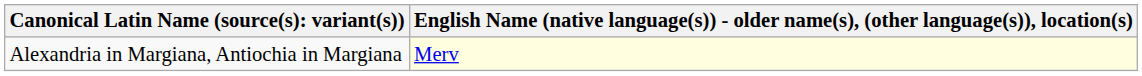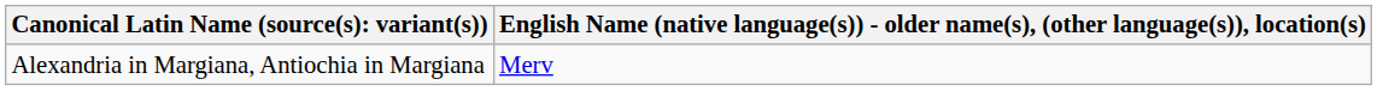 <table class="wikitable">
 <tr>
 <th>Canonical Latin Name (source(s): variant(s))</th>
 <th>English Name (native language(s)) - older name(s), (other language(s)), location(s)</th>
 </tr>
 <tr>
 <td>Alexandria in Margiana, Antiochia in Margiana</td>
-<td style="background: lightyellow;"><a href='#'>Merv</a></td>
+<td><a href='#'>Merv</a></td>
 </tr>
 </table>
